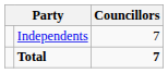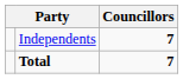 <table class="wikitable plainrowheaders">
 <tr>
 <th scope="col" colspan="2">Party</th>
 <th scope="col">Councillors</th>
 </tr>
 <tr>
 <td scope="row" > </td>
 <td><a href='#'>Independents</a></td>
-<td align=right>7</td>
+<td align=right><strong>7</strong></td>
 </tr>
 <tr>
 <td></td>
 <td><strong>Total</strong></td>
 <td align=right><strong>7</strong></td>
 </tr>
 </table>
